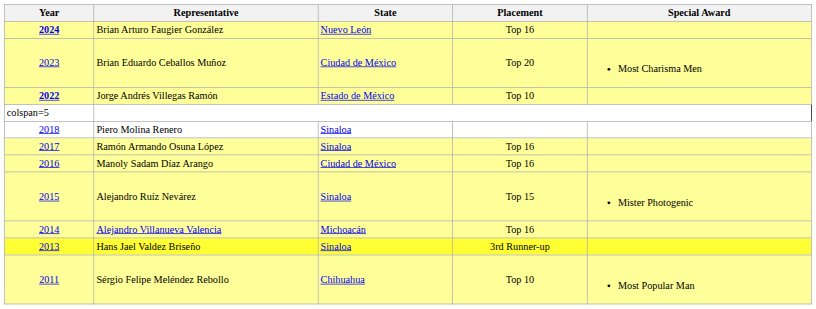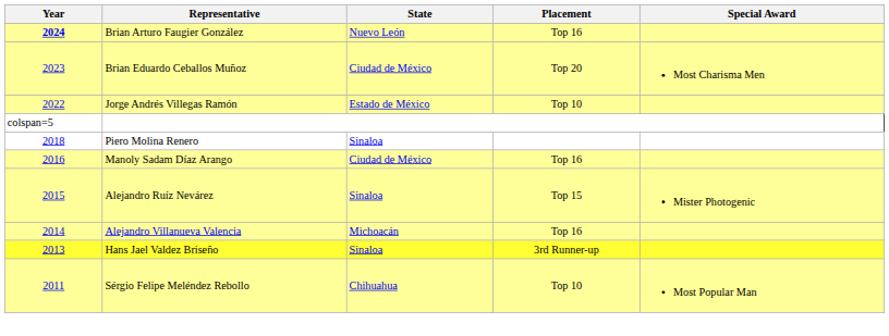 <table class="wikitable" style="margin: 0 1em 0 0; background: white; border: 1px solid; border-collapse: collapse; font-size: 90%; width:90%">
 <tr bgcolor="#EAEAEA">
 <th width=10%>Year</th>
 <th width=25%>Representative</th>
 <th width=15%>State</th>
 <th width=15%>Placement</th>
 <th width=25%>Special Award</th>
 </tr>
 <tr style="background-color:#FFFF99">
 <td align="center"><strong><a href='#'>2024</a></strong></td>
 <td>Brian Arturo Faugier González</td>
 <td><a href='#'>Nuevo León</a></td>
 <td align="center">Top 16</td>
 <td></td>
 </tr>
 <tr style="background-color:#FFFF99">
 <td align="center"><a href='#'>2023</a></td>
 <td>Brian Eduardo Ceballos Muñoz</td>
 <td><a href='#'>Ciudad de México</a></td>
 <td align="center">Top 20</td>
 <td><br><ul><li>Most Charisma Men</li></ul></td>
 </tr>
 <tr style="background-color:#FFFF99">
-<td align="center"><strong><a href='#'>2022</a></strong></td>
+<td align="center"><a href='#'>2022</a></td>
 <td>Jorge Andrés Villegas Ramón</td>
 <td><a href='#'>Estado de México</a></td>
 <td align="center">Top 10</td>
 <td></td>
 </tr>
 <tr>
 <td>colspan=5 </td>
 </tr>
 <tr>
 <td align="center"><a href='#'>2018</a></td>
 <td>Piero Molina Renero</td>
 <td><a href='#'>Sinaloa</a></td>
 <td></td>
-<td></td>
-</tr>
-<tr style="background-color:#FFFF99">
-<td align="center"><a href='#'>2017</a></td>
-<td>Ramón Armando Osuna López</td>
-<td><a href='#'>Sinaloa</a></td>
-<td align="center">Top 16</td>
 <td></td>
 </tr>
 <tr style="background-color:#FFFF99">
 <td align="center"><a href='#'>2016</a></td>
 <td>Manoly Sadam Díaz Arango</td>
 <td><a href='#'>Ciudad de México</a></td>
 <td align="center">Top 16</td>
 <td></td>
 </tr>
 <tr style="background-color:#FFFF99">
 <td align="center"><a href='#'>2015</a></td>
 <td>Alejandro Ruíz Nevárez</td>
 <td><a href='#'>Sinaloa</a></td>
 <td align="center">Top 15</td>
 <td><br><ul><li>Mister Photogenic</li></ul></td>
 </tr>
 <tr style="background-color:#FFFF99">
 <td align="center"><a href='#'>2014</a></td>
 <td><a href='#'>Alejandro Villanueva Valencia</a></td>
 <td><a href='#'>Michoacán</a></td>
 <td align="center">Top 16</td>
 <td></td>
 </tr>
 <tr style="background-color:#FFFF33">
 <td align="center"><a href='#'>2013</a></td>
 <td>Hans Jael Valdez Briseño</td>
 <td><a href='#'>Sinaloa</a></td>
 <td align="center">3rd Runner-up</td>
 <td></td>
 </tr>
 <tr style="background-color:#FFFF99">
 <td align="center"><a href='#'>2011</a></td>
 <td>Sérgio Felipe Meléndez Rebollo</td>
 <td><a href='#'>Chihuahua</a></td>
 <td align="center">Top 10</td>
 <td><br><ul><li>Most Popular Man</li></ul></td>
 </tr>
 </table>
